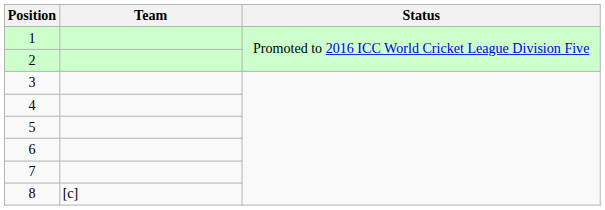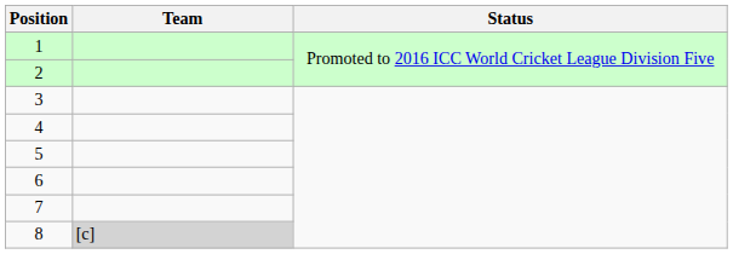 <table class="wikitable" style="text-align:center;">
 <tr>
 <th width=30>Position</th>
 <th width=200>Team</th>
 <th width=400>Status</th>
 </tr>
 <tr style="background:#cfc">
 <td style="text-align:center">1</td>
 <td style="text-align:left"> </td>
 <td rowspan=2>Promoted to <a href='#'>2016 ICC World Cricket League Division Five</a></td>
 </tr>
 <tr style="background:#cfc">
 <td>2</td>
 <td style="text-align:left"></td>
 </tr>
 <tr>
 <td>3</td>
 <td style="text-align:left"></td>
 <td rowspan="6"></td>
 </tr>
 <tr>
 <td>4</td>
 <td style="text-align:left"></td>
 </tr>
 <tr>
 <td>5</td>
 <td style="text-align:left"></td>
 </tr>
 <tr>
 <td>6</td>
 <td style="text-align:left"></td>
 </tr>
 <tr>
 <td>7</td>
 <td style="text-align:left"></td>
 </tr>
 <tr>
 <td>8</td>
-<td style="text-align:left"> [c]</td>
+<td style="background: lightgrey; text-align:left"> [c]</td>
 </tr>
 </table>
